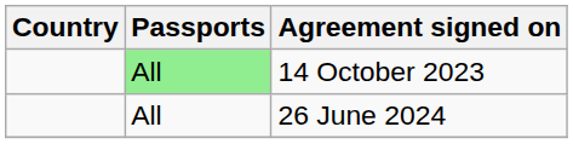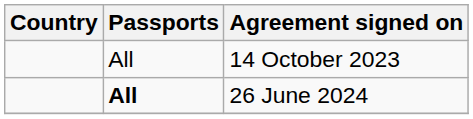 <table class="wikitable">
 <tr>
 <th>Country</th>
 <th>Passports</th>
 <th>Agreement signed on</th>
 </tr>
 <tr>
 <td></td>
-<td style="background: lightgreen;">All</td>
+<td>All</td>
 <td>14 October 2023</td>
 </tr>
 <tr>
 <td></td>
-<td>All</td>
+<td><strong>All</strong></td>
 <td>26 June 2024</td>
 </tr>
 <tr>
 </tr>
 </table>
